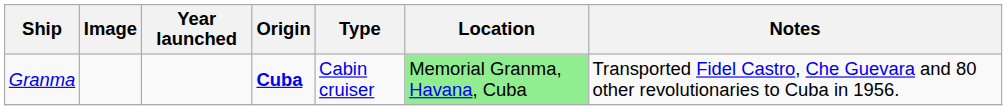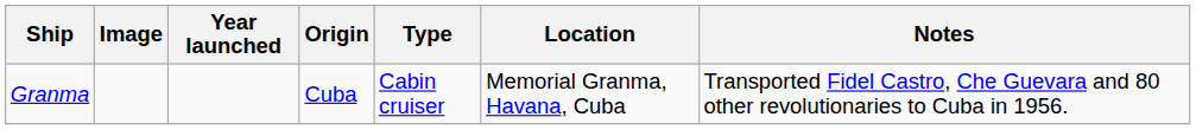 <table class="wikitable sortable">
 <tr>
 <th>Ship</th>
 <th>Image</th>
 <th>Year launched</th>
 <th>Origin</th>
 <th>Type</th>
 <th>Location</th>
 <th>Notes</th>
 </tr>
 <tr>
 <td data-sort-value=Granma><em><a href='#'>Granma</a></em></td>
 <td></td>
 <td></td>
-<td><strong> <a href='#'>Cuba</a></strong></td>
+<td> <a href='#'>Cuba</a></td>
 <td><a href='#'>Cabin cruiser</a></td>
-<td style="background: lightgreen;">Memorial Granma, <a href='#'>Havana</a>, Cuba<br></td>
+<td>Memorial Granma, <a href='#'>Havana</a>, Cuba<br></td>
 <td>Transported <a href='#'>Fidel Castro</a>, <a href='#'>Che Guevara</a> and 80 other revolutionaries to Cuba in 1956.</td>
 </tr>
 <tr>
 </tr>
 </table>
